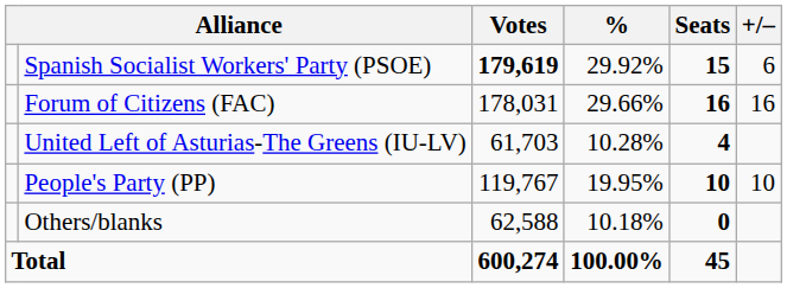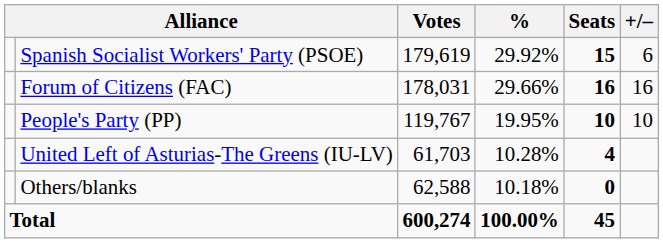 <table class="wikitable" style="font-size:100%; text-align:right;">
 <tr>
 <th colspan="2">Alliance</th>
 <th>Votes</th>
 <th>%</th>
 <th>Seats</th>
 <th>+/–</th>
 </tr>
 <tr>
 <td width="1"></td>
 <td align="left"><a href='#'>Spanish Socialist Workers' Party</a> (PSOE)</td>
-<td><strong>179,619</strong></td>
+<td>179,619</td>
 <td>29.92%</td>
 <td><strong>15</strong></td>
 <td>6</td>
 </tr>
 <tr>
 <td></td>
 <td align="left"><a href='#'>Forum of Citizens</a> (FAC)</td>
 <td>178,031</td>
 <td>29.66%</td>
 <td><strong>16</strong></td>
 <td>16</td>
 </tr>
 <tr>
 <td></td>
+<td align="left"><a href='#'>People's Party</a> (PP)</td>
+<td>119,767</td>
+<td>19.95%</td>
+<td><strong>10</strong></td>
+<td>10</td>
+</tr>
+<tr>
+<td></td>
 <td align="left"><a href='#'>United Left of Asturias</a>-<a href='#'>The Greens</a> (IU-LV)</td>
 <td>61,703</td>
 <td>10.28%</td>
 <td><strong>4</strong></td>
 <td></td>
-</tr>
-<tr>
-<td></td>
-<td align="left"><a href='#'>People's Party</a> (PP)</td>
-<td>119,767</td>
-<td>19.95%</td>
-<td><strong>10</strong></td>
-<td>10</td>
 </tr>
 <tr>
 <td></td>
 <td align="left">Others/blanks</td>
 <td>62,588</td>
 <td>10.18%</td>
 <td><strong>0</strong></td>
 <td></td>
 </tr>
 <tr style="font-weight:bold">
 <td colspan="2" align="left">Total</td>
 <td>600,274</td>
 <td>100.00%</td>
 <td>45</td>
 <td></td>
 </tr>
 </table>
